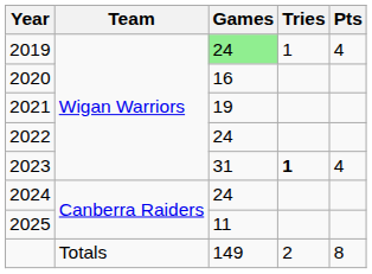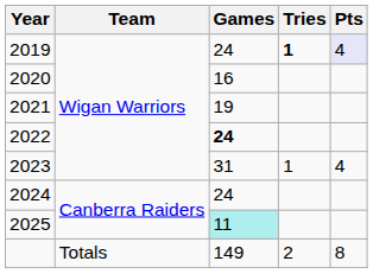 <table class="wikitable">
 <tr>
 <th>Year</th>
 <th>Team</th>
 <th>Games</th>
 <th>Tries</th>
 <th>Pts</th>
 </tr>
 <tr>
 <td>2019</td>
 <td rowspan="5"> <a href='#'>Wigan Warriors</a></td>
-<td style="background: lightgreen;">24</td>
-<td>1</td>
-<td>4</td>
+<td>24</td>
+<td><strong>1</strong></td>
+<td style="background: lavender;">4</td>
 </tr>
 <tr>
 <td>2020</td>
 <td>16</td>
 <td></td>
 <td></td>
 </tr>
 <tr>
 <td>2021</td>
 <td>19</td>
 <td></td>
 <td></td>
 </tr>
 <tr>
 <td>2022</td>
-<td>24</td>
+<td><strong>24</strong></td>
 <td></td>
 <td></td>
 </tr>
 <tr>
 <td>2023</td>
 <td>31</td>
-<td><strong>1</strong></td>
+<td>1</td>
 <td>4</td>
 </tr>
 <tr>
 <td>2024</td>
 <td rowspan="2"> <a href='#'>Canberra Raiders</a></td>
 <td>24</td>
 <td></td>
 <td></td>
 </tr>
 <tr>
 <td>2025</td>
-<td>11</td>
+<td style="background: paleturquoise;">11</td>
 <td></td>
 <td></td>
 </tr>
 <tr>
 <td></td>
 <td>Totals</td>
 <td>149</td>
 <td>2</td>
 <td>8</td>
 </tr>
 </table>
